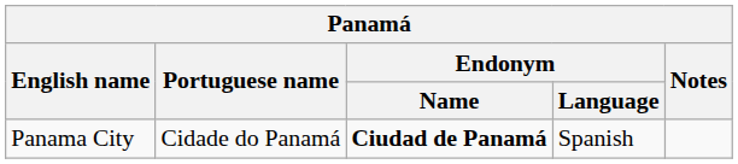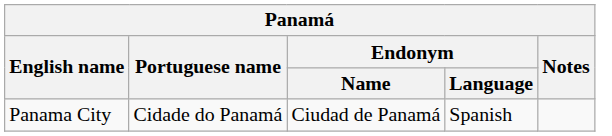 <table class="wikitable sortable">
 <tr>
 <th colspan="5"> Panamá</th>
 </tr>
 <tr>
 <th rowspan="2">English name</th>
 <th rowspan="2">Portuguese name</th>
 <th colspan="2">Endonym</th>
 <th rowspan="2">Notes</th>
 </tr>
 <tr>
 <th>Name</th>
 <th>Language</th>
 </tr>
 <tr>
 <td>Panama City</td>
 <td>Cidade do Panamá</td>
-<td><strong>Ciudad de Panamá</strong></td>
+<td>Ciudad de Panamá</td>
 <td>Spanish</td>
 <td></td>
 </tr>
 </table>
